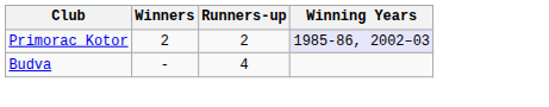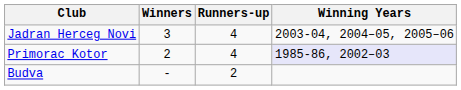 <table class="wikitable" style="font-size:90%">
 <tr>
 <th>Club</th>
 <th>Winners</th>
 <th>Runners-up</th>
 <th>Winning Years</th>
 </tr>
 <tr>
+<td><a href='#'>Jadran Herceg Novi</a></td>
+<td style="text-align:center;">3</td>
+<td style="text-align:center;">4</td>
+<td>2003-04, 2004–05, 2005–06</td>
+</tr>
+<tr>
 <td><a href='#'>Primorac Kotor</a></td>
 <td style="text-align:center;">2</td>
-<td style="text-align:center;">2</td>
+<td style="text-align:center;">4</td>
 <td style="background: lavender;">1985-86, 2002–03</td>
 </tr>
 <tr>
 <td><a href='#'>Budva</a></td>
 <td style="text-align:center;">-</td>
-<td style="text-align:center;">4</td>
+<td style="text-align:center;">2</td>
 <td></td>
 </tr>
 </table>
